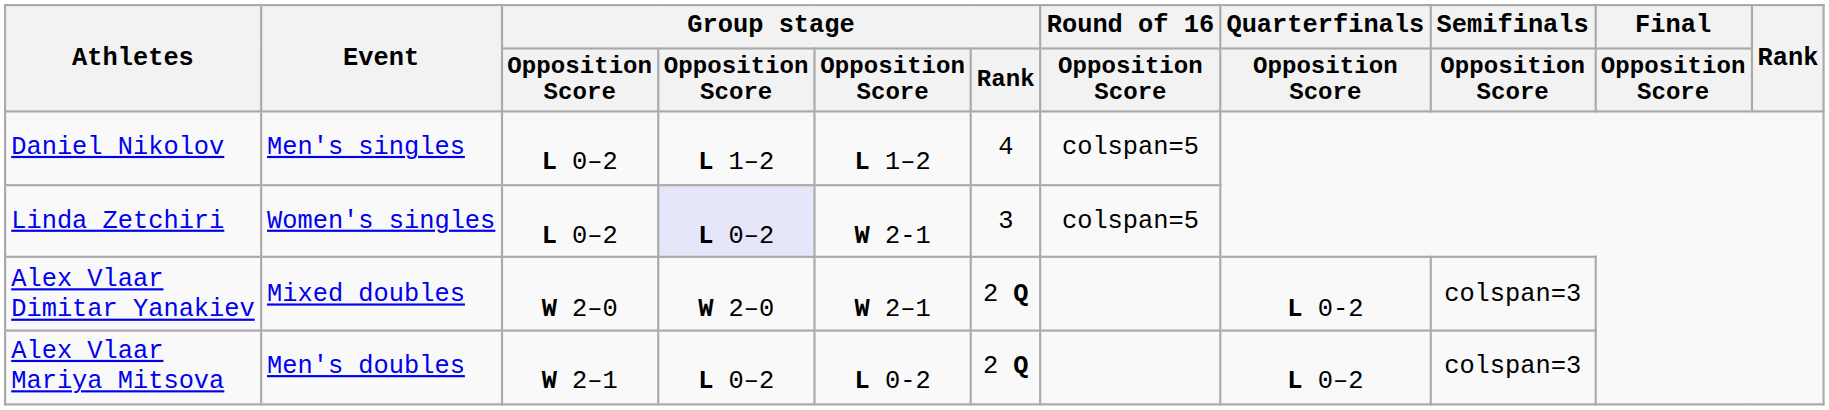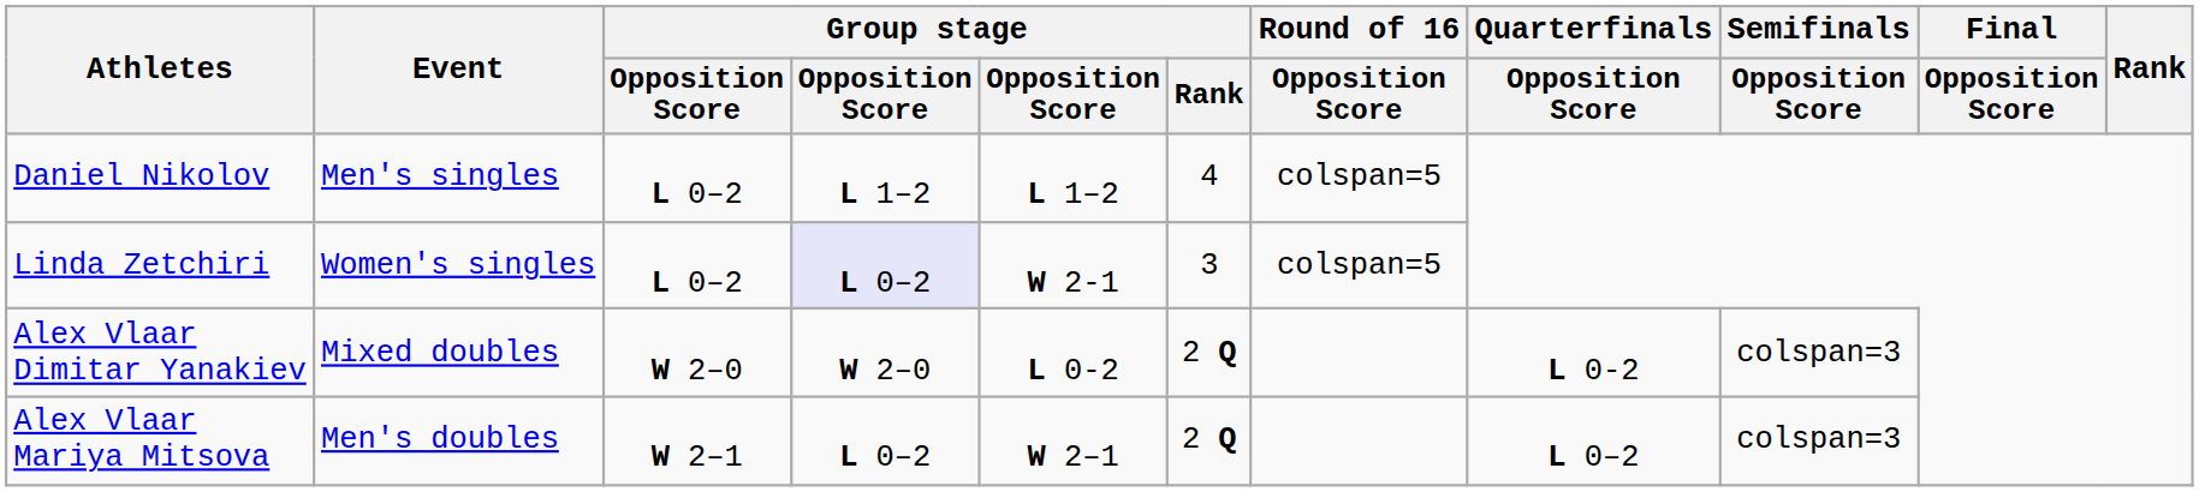 <table class="wikitable" style="font-size:90%">
 <tr>
 <th rowspan="2">Athletes</th>
 <th rowspan="2">Event</th>
 <th colspan="4">Group stage</th>
 <th>Round of 16</th>
 <th>Quarterfinals</th>
 <th>Semifinals</th>
 <th>Final</th>
 <th rowspan="2">Rank</th>
 </tr>
 <tr style="font-size:95%">
 <th>Opposition<br>Score</th>
 <th>Opposition<br>Score</th>
 <th>Opposition<br>Score</th>
 <th>Rank</th>
 <th>Opposition<br>Score</th>
 <th>Opposition<br>Score</th>
 <th>Opposition<br>Score</th>
 <th>Opposition<br>Score</th>
 </tr>
 <tr align="center">
 <td align="left"><a href='#'>Daniel Nikolov</a></td>
 <td align="left"><a href='#'>Men's singles</a></td>
 <td><br><strong>L</strong> 0–2</td>
 <td><br><strong>L</strong> 1–2</td>
 <td><br><strong>L</strong> 1–2</td>
 <td>4</td>
 <td>colspan=5 </td>
 </tr>
 <tr align="center">
 <td align="left"><a href='#'>Linda Zetchiri</a></td>
 <td align="left"><a href='#'>Women's singles</a></td>
 <td><br><strong>L</strong> 0–2</td>
 <td style="background: lavender;"><br><strong>L</strong> 0–2</td>
 <td><br><strong>W</strong> 2-1</td>
 <td>3</td>
 <td>colspan=5 </td>
 </tr>
 <tr align="center">
 <td align="left"><a href='#'>Alex Vlaar</a><br><a href='#'>Dimitar Yanakiev</a></td>
 <td align="left"><a href='#'>Mixed doubles</a></td>
 <td><br><strong>W</strong> 2–0</td>
 <td><br><strong>W</strong> 2–0</td>
-<td><br><strong>W</strong> 2–1</td>
+<td><br><strong>L</strong> 0-2</td>
 <td>2 <strong>Q</strong></td>
 <td></td>
 <td><br><strong>L</strong> 0-2</td>
 <td>colspan=3 </td>
 </tr>
 <tr align="center">
 <td align="left"><a href='#'>Alex Vlaar</a><br><a href='#'>Mariya Mitsova</a></td>
 <td align="left"><a href='#'>Men's doubles</a></td>
 <td><br><strong>W</strong> 2–1</td>
 <td><br><strong>L</strong> 0–2</td>
-<td><br><strong>L</strong> 0-2</td>
+<td><br><strong>W</strong> 2–1</td>
 <td>2 <strong>Q</strong></td>
 <td></td>
 <td><br><strong>L</strong> 0–2</td>
 <td>colspan=3 </td>
 </tr>
 </table>
